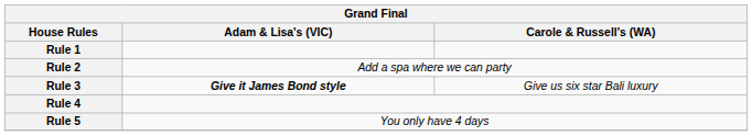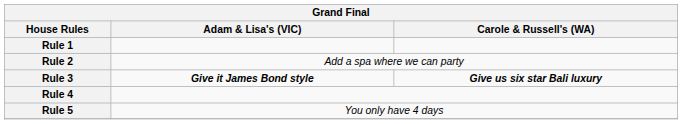 <table class="wikitable plainrowheaders" style="text-align:center; font-size:90%; width:65em;">
 <tr>
 <th colspan="3" >Grand Final</th>
 </tr>
 <tr>
 <th style="width:15%;">House Rules</th>
 <th style="width:40%;">Adam & Lisa's (VIC)</th>
 <th style="width:40%;">Carole & Russell's (WA)</th>
 </tr>
 <tr>
 <th>Rule 1</th>
 <td></td>
 <td></td>
 </tr>
 <tr>
 <th>Rule 2</th>
 <td colspan="2"><em>Add a spa where we can party</em></td>
 </tr>
 <tr>
 <th>Rule 3</th>
 <td><strong><em>Give it James Bond style</em></strong></td>
-<td><em>Give us six star Bali luxury</em></td>
+<td><strong><em>Give us six star Bali luxury</em></strong></td>
 </tr>
 <tr>
 <th>Rule 4</th>
 <td colspan="2"></td>
 </tr>
 <tr>
 <th>Rule 5</th>
 <td colspan="2"><em>You only have 4 days</em></td>
 </tr>
 <tr>
 </tr>
 </table>
